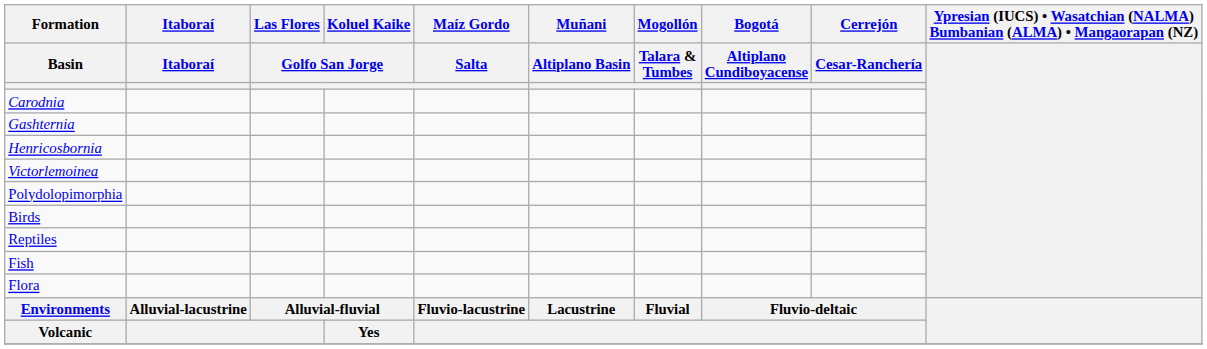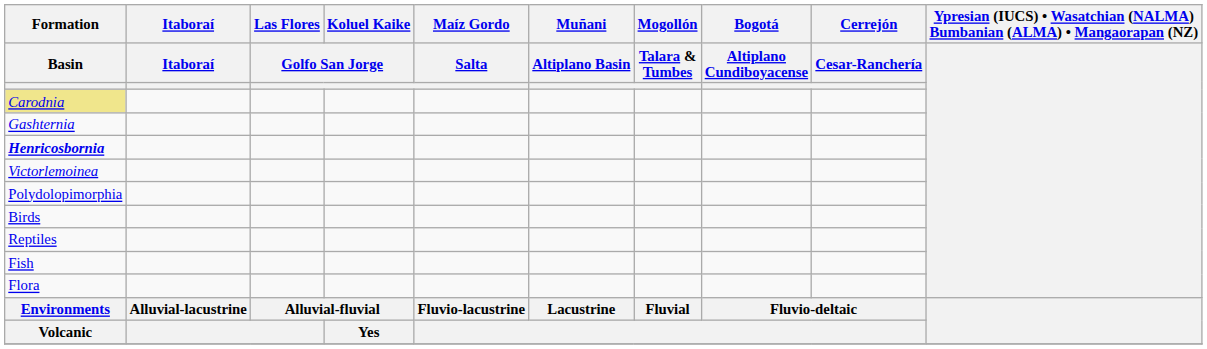 <table class="wikitable" style="font-size: 70%">
 <tr>
 <th>Formation</th>
 <th><a href='#'>Itaboraí</a></th>
 <th><a href='#'>Las Flores</a></th>
 <th><a href='#'>Koluel Kaike</a></th>
 <th><a href='#'>Maíz Gordo</a></th>
 <th><a href='#'>Muñani</a></th>
 <th><a href='#'>Mogollón</a></th>
 <th><a href='#'>Bogotá</a></th>
 <th><a href='#'>Cerrejón</a></th>
 <th><a href='#'>Ypresian</a> (IUCS) • <a href='#'>Wasatchian</a> (<a href='#'>NALMA</a>)<br><a href='#'>Bumbanian</a> (<a href='#'>ALMA</a>) • <a href='#'>Mangaorapan</a> (NZ)</th>
 </tr>
 <tr>
 <th>Basin</th>
 <th><a href='#'>Itaboraí</a></th>
 <th colspan=2><a href='#'>Golfo San Jorge</a></th>
 <th><a href='#'>Salta</a></th>
 <th><a href='#'>Altiplano Basin</a></th>
 <th><a href='#'>Talara</a> &<br><a href='#'>Tumbes</a></th>
 <th><a href='#'>Altiplano<br>Cundiboyacense</a></th>
 <th><a href='#'>Cesar-Ranchería</a></th>
 <th align=center rowspan=11></th>
 </tr>
 <tr>
 <th></th>
 <th></th>
 <th colspan=3></th>
 <th colspan=2></th>
 <th colspan=2></th>
 </tr>
 <tr>
-<td><em><a href='#'>Carodnia</a></em></td>
+<td style="background: khaki;"><em><a href='#'>Carodnia</a></em></td>
 <td align=center></td>
 <td align=center></td>
 <td align=center></td>
 <td align=center></td>
 <td align=center></td>
 <td align=center></td>
 <td align=center></td>
 <td align=center></td>
 </tr>
 <tr>
 <td><em><a href='#'>Gashternia</a></em></td>
 <td align=center></td>
 <td align=center></td>
 <td align=center></td>
 <td align=center></td>
 <td align=center></td>
 <td align=center></td>
 <td align=center></td>
 <td align=center></td>
 </tr>
 <tr>
-<td><em><a href='#'>Henricosbornia</a></em></td>
+<td><strong><em><a href='#'>Henricosbornia</a></em></strong></td>
 <td align=center></td>
 <td align=center></td>
 <td align=center></td>
 <td align=center></td>
 <td align=center></td>
 <td align=center></td>
 <td align=center></td>
 <td align=center></td>
 </tr>
 <tr>
 <td><em><a href='#'>Victorlemoinea</a></em></td>
 <td align=center></td>
 <td align=center></td>
 <td align=center></td>
 <td align=center></td>
 <td align=center></td>
 <td align=center></td>
 <td align=center></td>
 <td align=center></td>
 </tr>
 <tr>
 <td><a href='#'>Polydolopimorphia</a></td>
 <td align=center></td>
 <td align=center></td>
 <td align=center></td>
 <td align=center></td>
 <td align=center></td>
 <td align=center></td>
 <td align=center></td>
 <td align=center></td>
 </tr>
 <tr>
 <td><a href='#'>Birds</a></td>
 <td align=center></td>
 <td align=center></td>
 <td align=center></td>
 <td align=center></td>
 <td align=center></td>
 <td align=center></td>
 <td align=center></td>
 <td align=center></td>
 </tr>
 <tr>
 <td><a href='#'>Reptiles</a></td>
 <td align=center></td>
 <td align=center></td>
 <td align=center></td>
 <td align=center></td>
 <td align=center></td>
 <td align=center></td>
 <td align=center></td>
 <td align=center></td>
 </tr>
 <tr>
 <td><a href='#'>Fish</a></td>
 <td align=center></td>
 <td align=center></td>
 <td align=center></td>
 <td align=center></td>
 <td align=center></td>
 <td align=center></td>
 <td align=center></td>
 <td align=center></td>
 </tr>
 <tr>
 <td><a href='#'>Flora</a></td>
 <td align=center></td>
 <td align=center></td>
 <td align=center></td>
 <td align=center></td>
 <td align=center></td>
 <td align=center></td>
 <td align=center></td>
 <td align=center></td>
 </tr>
 <tr>
 <th><a href='#'>Environments</a></th>
 <th>Alluvial-lacustrine</th>
 <th colspan=2>Alluvial-fluvial</th>
 <th>Fluvio-lacustrine</th>
 <th>Lacustrine</th>
 <th>Fluvial</th>
 <th colspan=2>Fluvio-deltaic</th>
 <th rowspan=2 align=left><br><br></th>
 </tr>
 <tr>
 <th>Volcanic</th>
 <th colspan=2></th>
 <th>Yes</th>
 <th colspan=5></th>
 </tr>
 <tr>
 </tr>
 </table>
